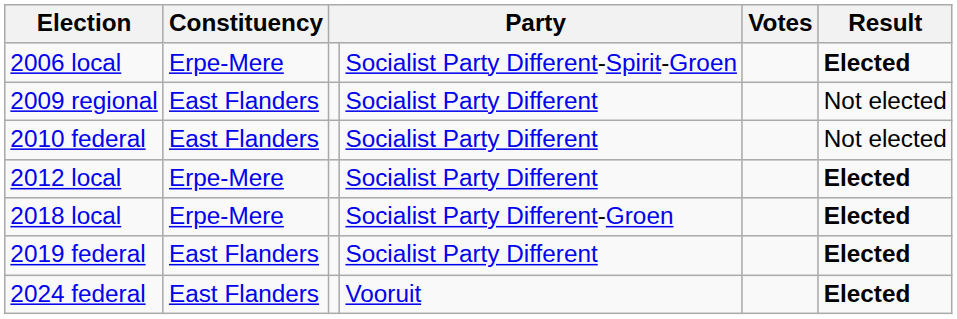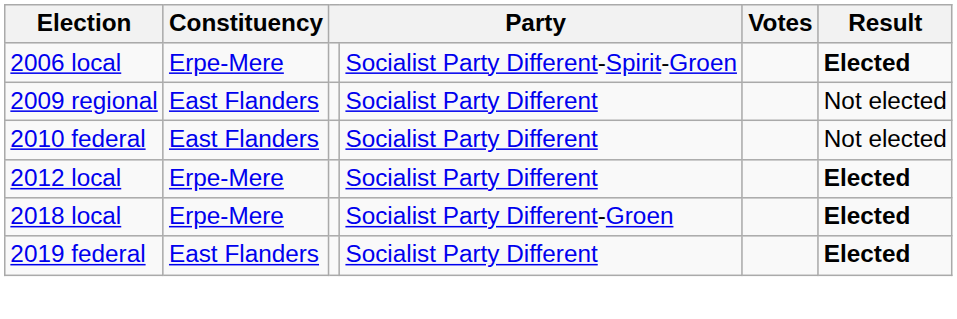 <table class="wikitable" style="text-align:left;">
 <tr>
 <th scope=col>Election</th>
 <th scope=col>Constituency</th>
 <th scope=col colspan="2">Party</th>
 <th scope=col>Votes</th>
 <th scope=col>Result</th>
 </tr>
 <tr>
 <td><a href='#'>2006 local</a></td>
 <td><a href='#'>Erpe-Mere</a></td>
 <td></td>
 <td><a href='#'>Socialist Party Different</a>-<a href='#'>Spirit</a>-<a href='#'>Groen</a></td>
 <td align=right></td>
 <td><strong>Elected</strong></td>
 </tr>
 <tr>
 <td><a href='#'>2009 regional</a></td>
 <td><a href='#'>East Flanders</a></td>
 <td style="background:"></td>
 <td><a href='#'>Socialist Party Different</a></td>
 <td align=right></td>
 <td>Not elected</td>
 </tr>
 <tr>
 <td><a href='#'>2010 federal</a></td>
 <td><a href='#'>East Flanders</a></td>
 <td style="background:"></td>
 <td><a href='#'>Socialist Party Different</a></td>
 <td align=right></td>
 <td>Not elected</td>
 </tr>
 <tr>
 <td><a href='#'>2012 local</a></td>
 <td><a href='#'>Erpe-Mere</a></td>
 <td></td>
 <td><a href='#'>Socialist Party Different</a></td>
 <td align=right></td>
 <td><strong>Elected</strong></td>
 </tr>
 <tr>
 <td><a href='#'>2018 local</a></td>
 <td><a href='#'>Erpe-Mere</a></td>
 <td></td>
 <td><a href='#'>Socialist Party Different</a>-<a href='#'>Groen</a></td>
 <td align=right></td>
 <td><strong>Elected</strong></td>
 </tr>
 <tr>
 <td><a href='#'>2019 federal</a></td>
 <td><a href='#'>East Flanders</a></td>
 <td style="background:"></td>
 <td><a href='#'>Socialist Party Different</a></td>
 <td align=right></td>
 <td><strong>Elected</strong></td>
 </tr>
-<tr>
-<td><a href='#'>2024 federal</a></td>
-<td><a href='#'>East Flanders</a></td>
-<td style="background:"></td>
-<td><a href='#'>Vooruit</a></td>
-<td align=right></td>
-<td><strong>Elected</strong></td>
-</tr>
 </table>
